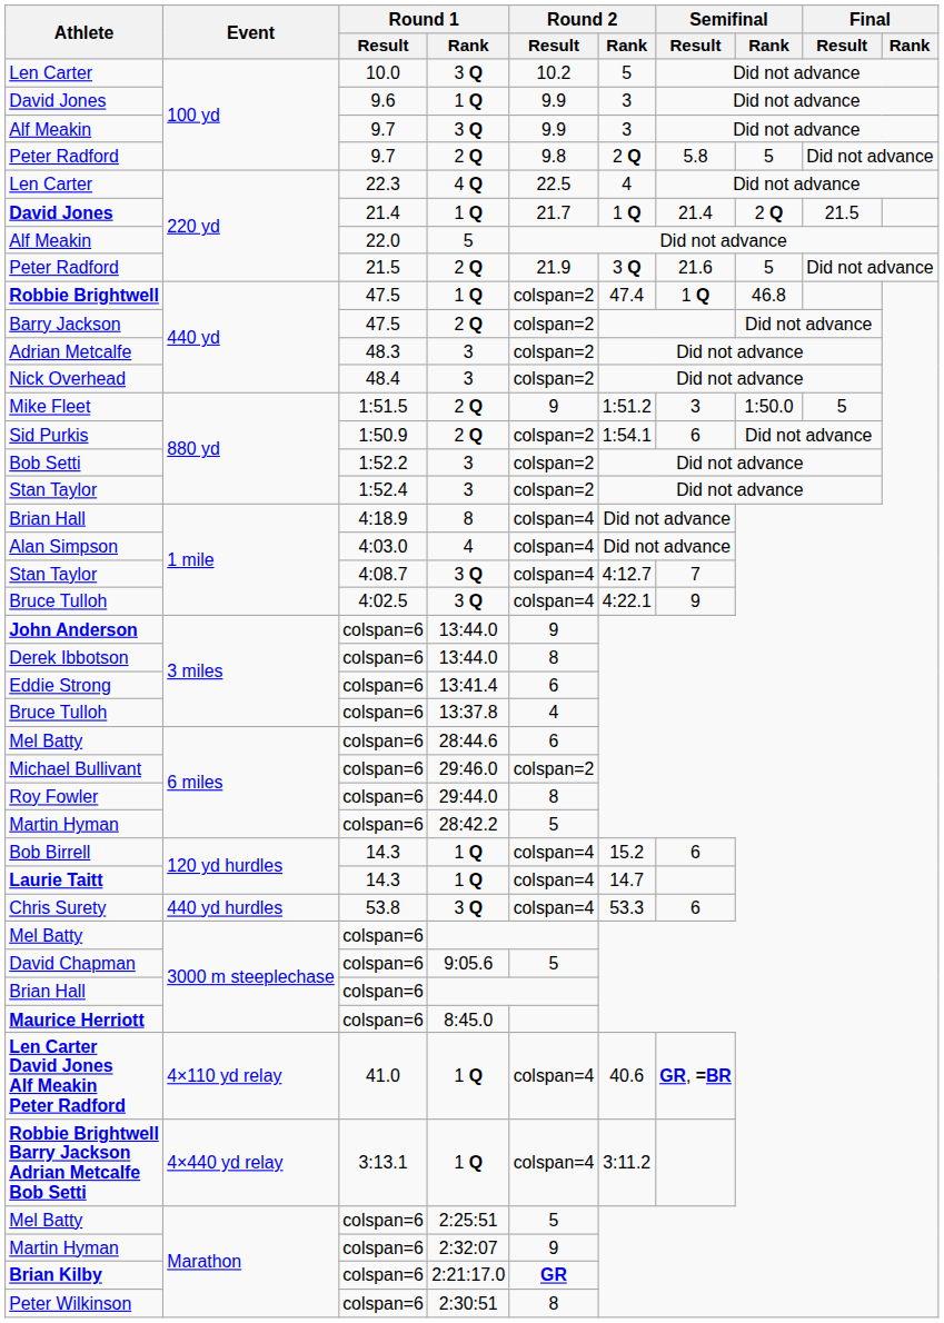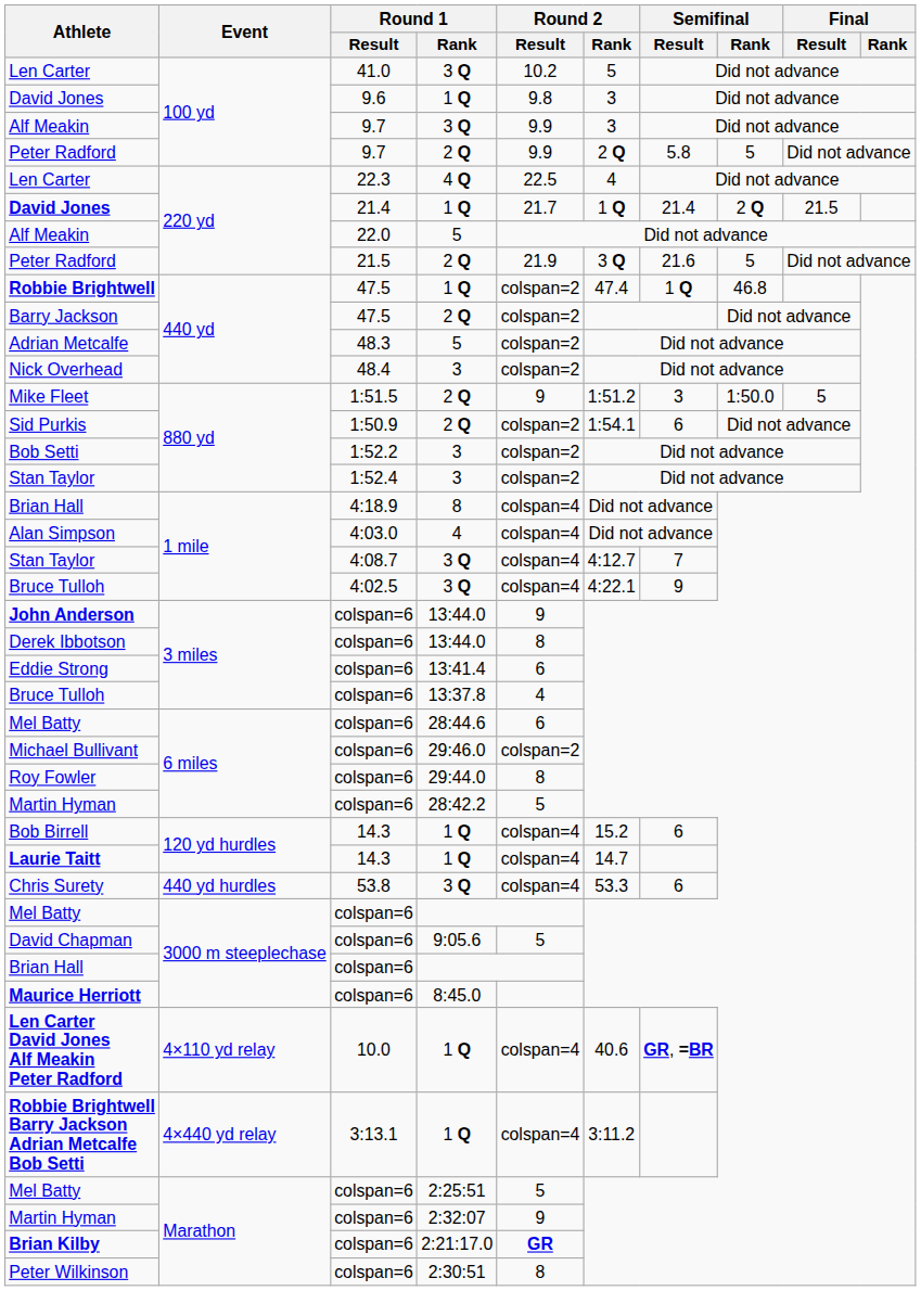 <table class=wikitable style=font-size:90%>
 <tr>
 <th rowspan=2>Athlete</th>
 <th rowspan=2>Event</th>
 <th colspan=2>Round 1</th>
 <th colspan=2>Round 2</th>
 <th colspan=2>Semifinal</th>
 <th colspan=2>Final</th>
 </tr>
 <tr style=font-size:95%>
 <th>Result</th>
 <th>Rank</th>
 <th>Result</th>
 <th>Rank</th>
 <th>Result</th>
 <th>Rank</th>
 <th>Result</th>
 <th>Rank</th>
 </tr>
 <tr align=center>
 <td align=left><a href='#'>Len Carter</a></td>
 <td align=left rowspan=4><a href='#'>100 yd</a></td>
-<td>10.0</td>
+<td>41.0</td>
 <td>3 <strong>Q</strong></td>
 <td>10.2</td>
 <td>5</td>
 <td colspan=4>Did not advance</td>
 </tr>
 <tr align=center>
 <td align=left><a href='#'>David Jones</a></td>
 <td>9.6</td>
 <td>1 <strong>Q</strong></td>
-<td>9.9</td>
+<td>9.8</td>
 <td>3</td>
 <td colspan=4>Did not advance</td>
 </tr>
 <tr align=center>
 <td align=left><a href='#'>Alf Meakin</a></td>
 <td>9.7</td>
 <td>3 <strong>Q</strong></td>
 <td>9.9</td>
 <td>3</td>
 <td colspan=4>Did not advance</td>
 </tr>
 <tr align=center>
 <td align=left><a href='#'>Peter Radford</a></td>
 <td>9.7</td>
 <td>2 <strong>Q</strong></td>
-<td>9.8</td>
+<td>9.9</td>
 <td>2 <strong>Q</strong></td>
 <td>5.8</td>
 <td>5</td>
 <td colspan=2>Did not advance</td>
 </tr>
 <tr align=center>
 <td align=left><a href='#'>Len Carter</a></td>
 <td align=left rowspan=4><a href='#'>220 yd</a></td>
 <td>22.3</td>
 <td>4 <strong>Q</strong></td>
 <td>22.5</td>
 <td>4</td>
 <td colspan=4>Did not advance</td>
 </tr>
 <tr align=center>
 <td align=left><strong><a href='#'>David Jones</a></strong></td>
 <td>21.4</td>
 <td>1 <strong>Q</strong></td>
 <td>21.7</td>
 <td>1 <strong>Q</strong></td>
 <td>21.4</td>
 <td>2 <strong>Q</strong></td>
 <td>21.5</td>
 <td></td>
 </tr>
 <tr align=center>
 <td align=left><a href='#'>Alf Meakin</a></td>
 <td>22.0</td>
 <td>5</td>
 <td colspan=6>Did not advance</td>
 </tr>
 <tr align=center>
 <td align=left><a href='#'>Peter Radford</a></td>
 <td>21.5</td>
 <td>2 <strong>Q</strong></td>
 <td>21.9</td>
 <td>3 <strong>Q</strong></td>
 <td>21.6</td>
 <td>5</td>
 <td colspan=2>Did not advance</td>
 </tr>
 <tr align=center>
 <td align=left><strong><a href='#'>Robbie Brightwell</a></strong></td>
 <td align=left rowspan=4><a href='#'>440 yd</a></td>
 <td>47.5</td>
 <td>1 <strong>Q</strong></td>
 <td>colspan=2 </td>
 <td>47.4</td>
 <td>1 <strong>Q</strong></td>
 <td>46.8</td>
 <td></td>
 </tr>
 <tr align=center>
 <td align=left><a href='#'>Barry Jackson</a></td>
 <td>47.5</td>
 <td>2 <strong>Q</strong></td>
 <td>colspan=2 </td>
 <td colspan=2></td>
 <td colspan=2>Did not advance</td>
 </tr>
 <tr align=center>
 <td align=left><a href='#'>Adrian Metcalfe</a></td>
 <td>48.3</td>
-<td>3</td>
+<td>5</td>
 <td>colspan=2 </td>
 <td colspan=4>Did not advance</td>
 </tr>
 <tr align=center>
 <td align=left><a href='#'>Nick Overhead</a></td>
 <td>48.4</td>
 <td>3</td>
 <td>colspan=2 </td>
 <td colspan=4>Did not advance</td>
 </tr>
 <tr align=center>
 <td align=left><a href='#'>Mike Fleet</a></td>
 <td align=left rowspan=4><a href='#'>880 yd</a></td>
 <td>1:51.5</td>
 <td>2 <strong>Q</strong></td>
 <td>9</td>
 <td>1:51.2</td>
 <td>3</td>
 <td>1:50.0</td>
 <td>5</td>
 </tr>
 <tr align=center>
 <td align=left><a href='#'>Sid Purkis</a></td>
 <td>1:50.9</td>
 <td>2 <strong>Q</strong></td>
 <td>colspan=2 </td>
 <td>1:54.1</td>
 <td>6</td>
 <td colspan=2>Did not advance</td>
 </tr>
 <tr align=center>
 <td align=left><a href='#'>Bob Setti</a></td>
 <td>1:52.2</td>
 <td>3</td>
 <td>colspan=2 </td>
 <td colspan=4>Did not advance</td>
 </tr>
 <tr align=center>
 <td align=left><a href='#'>Stan Taylor</a></td>
 <td>1:52.4</td>
 <td>3</td>
 <td>colspan=2 </td>
 <td colspan=4>Did not advance</td>
 </tr>
 <tr align=center>
 <td align=left><a href='#'>Brian Hall</a></td>
 <td align=left rowspan=4><a href='#'>1 mile</a></td>
 <td>4:18.9</td>
 <td>8</td>
 <td>colspan=4 </td>
 <td colspan=2>Did not advance</td>
 </tr>
 <tr align=center>
 <td align=left><a href='#'>Alan Simpson</a></td>
 <td>4:03.0</td>
 <td>4</td>
 <td>colspan=4 </td>
 <td colspan=2>Did not advance</td>
 </tr>
 <tr align=center>
 <td align=left><a href='#'>Stan Taylor</a></td>
 <td>4:08.7</td>
 <td>3 <strong>Q</strong></td>
 <td>colspan=4 </td>
 <td>4:12.7</td>
 <td>7</td>
 </tr>
 <tr align=center>
 <td align=left><a href='#'>Bruce Tulloh</a></td>
 <td>4:02.5</td>
 <td>3 <strong>Q</strong></td>
 <td>colspan=4 </td>
 <td>4:22.1</td>
 <td>9</td>
 </tr>
 <tr align=center>
 <td align=left><strong><a href='#'>John Anderson</a></strong></td>
 <td align=left rowspan=4><a href='#'>3 miles</a></td>
 <td>colspan=6 </td>
 <td>13:44.0</td>
 <td>9</td>
 </tr>
 <tr align=center>
 <td align=left><a href='#'>Derek Ibbotson</a></td>
 <td>colspan=6 </td>
 <td>13:44.0</td>
 <td>8</td>
 </tr>
 <tr align=center>
 <td align=left><a href='#'>Eddie Strong</a></td>
 <td>colspan=6 </td>
 <td>13:41.4</td>
 <td>6</td>
 </tr>
 <tr align=center>
 <td align=left><a href='#'>Bruce Tulloh</a></td>
 <td>colspan=6 </td>
 <td>13:37.8</td>
 <td>4</td>
 </tr>
 <tr align=center>
 <td align=left><a href='#'>Mel Batty</a></td>
 <td align=left rowspan=4><a href='#'>6 miles</a></td>
 <td>colspan=6 </td>
 <td>28:44.6</td>
 <td>6</td>
 </tr>
 <tr align=center>
 <td align=left><a href='#'>Michael Bullivant</a></td>
 <td>colspan=6 </td>
 <td>29:46.0</td>
 <td>colspan=2 </td>
 </tr>
 <tr align=center>
 <td align=left><a href='#'>Roy Fowler</a></td>
 <td>colspan=6 </td>
 <td>29:44.0</td>
 <td>8</td>
 </tr>
 <tr align=center>
 <td align=left><a href='#'>Martin Hyman</a></td>
 <td>colspan=6 </td>
 <td>28:42.2</td>
 <td>5</td>
 </tr>
 <tr align=center>
 <td align=left><a href='#'>Bob Birrell</a></td>
 <td align=left rowspan=2><a href='#'>120 yd hurdles</a></td>
 <td>14.3</td>
 <td>1 <strong>Q</strong></td>
 <td>colspan=4 </td>
 <td>15.2</td>
 <td>6</td>
 </tr>
 <tr align=center>
 <td align=left><strong><a href='#'>Laurie Taitt</a></strong></td>
 <td>14.3</td>
 <td>1 <strong>Q</strong></td>
 <td>colspan=4 </td>
 <td>14.7</td>
 <td></td>
 </tr>
 <tr align=center>
 <td align=left><a href='#'>Chris Surety</a></td>
 <td align=left><a href='#'>440 yd hurdles</a></td>
 <td>53.8</td>
 <td>3 <strong>Q</strong></td>
 <td>colspan=4 </td>
 <td>53.3</td>
 <td>6</td>
 </tr>
 <tr align=center>
 <td align=left><a href='#'>Mel Batty</a></td>
 <td align=left rowspan=4><a href='#'>3000 m steeplechase</a></td>
 <td>colspan=6 </td>
 <td colspan=2></td>
 </tr>
 <tr align=center>
 <td align=left><a href='#'>David Chapman</a></td>
 <td>colspan=6 </td>
 <td>9:05.6</td>
 <td>5</td>
 </tr>
 <tr align=center>
 <td align=left><a href='#'>Brian Hall</a></td>
 <td>colspan=6 </td>
 <td colspan=2></td>
 </tr>
 <tr align=center>
 <td align=left><strong><a href='#'>Maurice Herriott</a></strong></td>
 <td>colspan=6 </td>
 <td>8:45.0</td>
 <td></td>
 </tr>
 <tr align=center>
 <td align=left><strong><a href='#'>Len Carter</a><br><a href='#'>David Jones</a><br><a href='#'>Alf Meakin</a><br><a href='#'>Peter Radford</a></strong></td>
 <td align=left><a href='#'>4×110 yd relay</a></td>
-<td>41.0</td>
+<td>10.0</td>
 <td>1 <strong>Q</strong></td>
 <td>colspan=4 </td>
 <td>40.6</td>
 <td> <strong><a href='#'>GR</a></strong>, <strong>=<a href='#'>BR</a></strong></td>
 </tr>
 <tr align=center>
 <td align=left><strong><a href='#'>Robbie Brightwell</a><br><a href='#'>Barry Jackson</a><br><a href='#'>Adrian Metcalfe</a><br><a href='#'>Bob Setti</a></strong></td>
 <td align=left><a href='#'>4×440 yd relay</a></td>
 <td>3:13.1</td>
 <td>1 <strong>Q</strong></td>
 <td>colspan=4 </td>
 <td>3:11.2</td>
 <td></td>
 </tr>
 <tr align=center>
 <td align=left><a href='#'>Mel Batty</a></td>
 <td align=left rowspan=4><a href='#'>Marathon</a></td>
 <td>colspan=6 </td>
 <td>2:25:51</td>
 <td>5</td>
 </tr>
 <tr align=center>
 <td align=left><a href='#'>Martin Hyman</a></td>
 <td>colspan=6 </td>
 <td>2:32:07</td>
 <td>9</td>
 </tr>
 <tr align=center>
 <td align=left><strong><a href='#'>Brian Kilby</a></strong></td>
 <td>colspan=6 </td>
 <td>2:21:17.0</td>
 <td> <strong><a href='#'>GR</a></strong></td>
 </tr>
 <tr align=center>
 <td align=left><a href='#'>Peter Wilkinson</a></td>
 <td>colspan=6 </td>
 <td>2:30:51</td>
 <td>8</td>
 </tr>
 </table>
